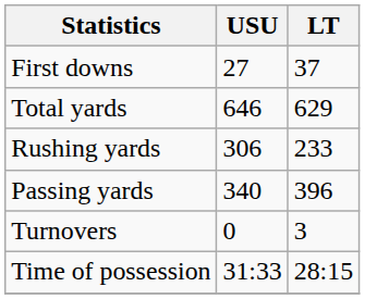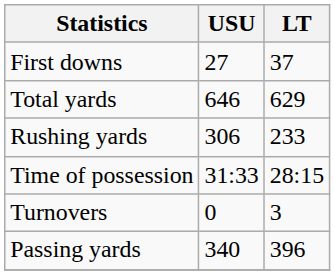 <table class="wikitable">
 <tr>
 <th>Statistics</th>
 <th>USU</th>
 <th>LT</th>
 </tr>
 <tr>
 <td>First downs</td>
 <td>27</td>
 <td>37</td>
 </tr>
 <tr>
 <td>Total yards</td>
 <td>646</td>
 <td>629</td>
 </tr>
 <tr>
 <td>Rushing yards</td>
 <td>306</td>
 <td>233</td>
 </tr>
 <tr>
-<td>Passing yards</td>
-<td>340</td>
-<td>396</td>
+<td>Time of possession</td>
+<td>31:33</td>
+<td>28:15</td>
 </tr>
 <tr>
 <td>Turnovers</td>
 <td>0</td>
 <td>3</td>
 </tr>
 <tr>
-<td>Time of possession</td>
-<td>31:33</td>
-<td>28:15</td>
+<td>Passing yards</td>
+<td>340</td>
+<td>396</td>
 </tr>
 <tr>
 </tr>
 </table>
